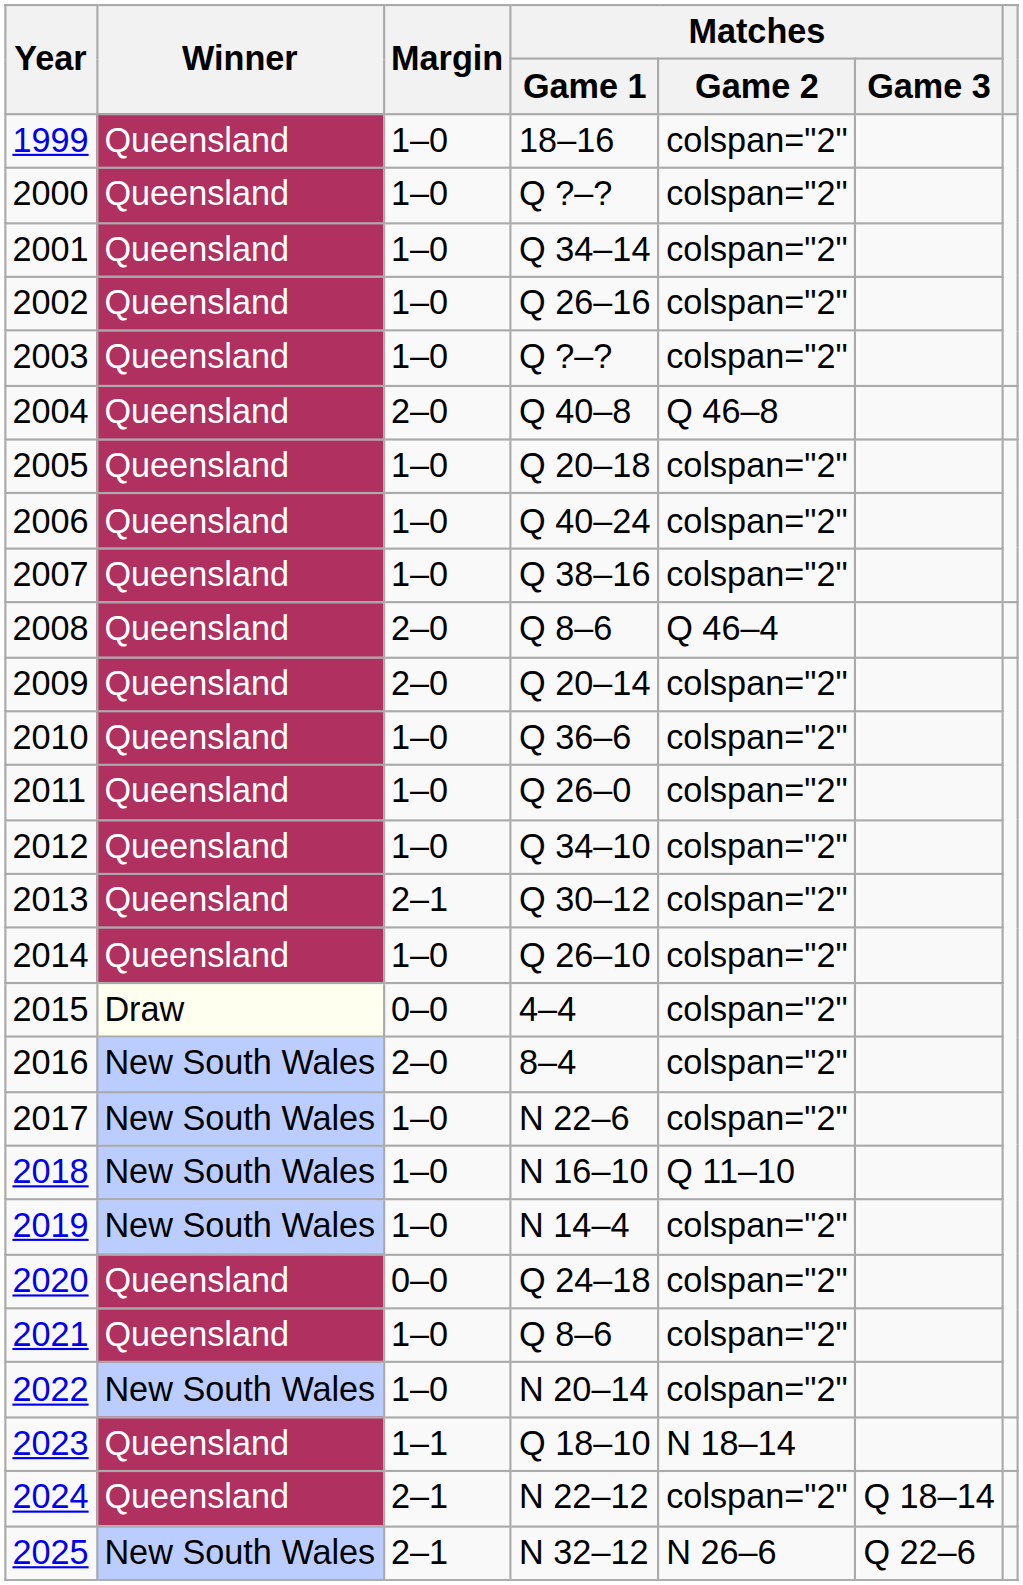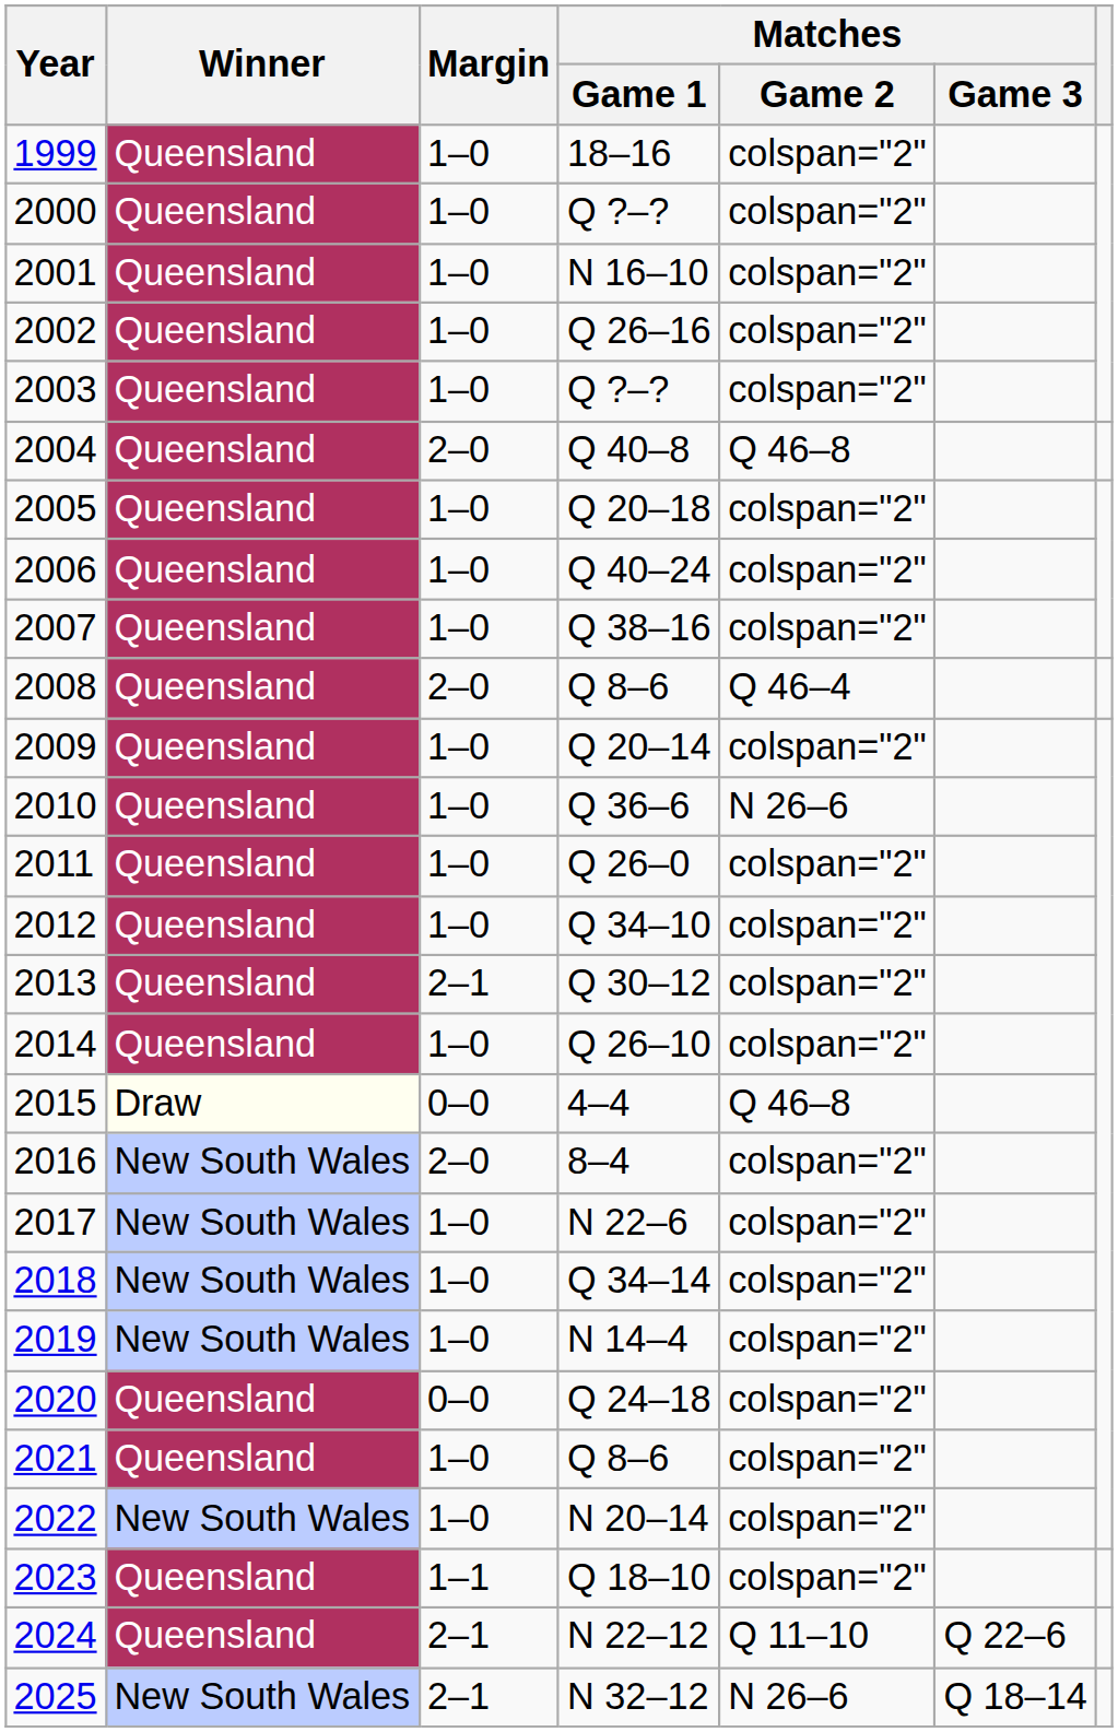 <table class="wikitable defaultleft col1center col2center col3center" style="margin: 1em auto; align:center">
 <tr>
 <th rowspan="2">Year</th>
 <th rowspan="2">Winner</th>
 <th rowspan="2">Margin</th>
 <th colspan="3">Matches</th>
 <th rowspan="2"></th>
 </tr>
 <tr>
 <th>Game 1</th>
 <th>Game 2</th>
 <th>Game 3</th>
 </tr>
 <tr>
 <td><a href='#'>1999</a></td>
 <td style="background:#b03060; color:white">Queensland</td>
 <td>1–0</td>
 <td> 18–16</td>
 <td>colspan="2" </td>
 <td></td>
 </tr>
 <tr>
 <td>2000</td>
 <td style="background:#b03060; color:white">Queensland</td>
 <td>1–0</td>
 <td>Q ?–?</td>
 <td>colspan="2" </td>
 <td></td>
 </tr>
 <tr>
 <td>2001</td>
 <td style="background:#b03060; color:white">Queensland</td>
 <td>1–0</td>
-<td>Q 34–14</td>
+<td>N 16–10</td>
 <td>colspan="2" </td>
 <td></td>
 </tr>
 <tr>
 <td>2002</td>
 <td style="background:#b03060; color:white">Queensland</td>
 <td>1–0</td>
 <td>Q 26–16</td>
 <td>colspan="2" </td>
 <td></td>
 </tr>
 <tr>
 <td>2003</td>
 <td style="background:#b03060; color:white">Queensland</td>
 <td>1–0</td>
 <td>Q ?–?</td>
 <td>colspan="2" </td>
 <td></td>
 </tr>
 <tr>
 <td>2004</td>
 <td style="background:#b03060; color:white">Queensland</td>
 <td>2–0</td>
 <td>Q 40–8</td>
 <td>Q 46–8</td>
 <td></td>
 <td></td>
 </tr>
 <tr>
 <td>2005</td>
 <td style="background:#b03060; color:white">Queensland</td>
 <td>1–0</td>
 <td>Q 20–18</td>
 <td>colspan="2" </td>
 <td></td>
 </tr>
 <tr>
 <td>2006</td>
 <td style="background:#b03060; color:white">Queensland</td>
 <td>1–0</td>
 <td>Q 40–24</td>
 <td>colspan="2" </td>
 <td></td>
 </tr>
 <tr>
 <td>2007</td>
 <td style="background:#b03060; color:white">Queensland</td>
 <td>1–0</td>
 <td>Q 38–16</td>
 <td>colspan="2" </td>
 <td></td>
 </tr>
 <tr>
 <td>2008</td>
 <td style="background:#b03060; color:white">Queensland</td>
 <td>2–0</td>
 <td>Q 8–6</td>
 <td>Q 46–4</td>
 <td></td>
 <td></td>
 </tr>
 <tr>
 <td>2009</td>
 <td style="background:#b03060; color:white">Queensland</td>
-<td>2–0</td>
+<td>1–0</td>
 <td>Q 20–14</td>
 <td>colspan="2" </td>
 <td></td>
 </tr>
 <tr>
 <td>2010</td>
 <td style="background:#b03060; color:white">Queensland</td>
 <td>1–0</td>
 <td>Q 36–6</td>
-<td>colspan="2" </td>
+<td>N 26–6</td>
 <td></td>
 </tr>
 <tr>
 <td>2011</td>
 <td style="background:#b03060; color:white">Queensland</td>
 <td>1–0</td>
 <td>Q 26–0</td>
 <td>colspan="2" </td>
 <td></td>
 </tr>
 <tr>
 <td>2012</td>
 <td style="background:#b03060; color:white">Queensland</td>
 <td>1–0</td>
 <td>Q 34–10</td>
 <td>colspan="2" </td>
 <td></td>
 </tr>
 <tr>
 <td>2013</td>
 <td style="background:#b03060; color:white">Queensland</td>
 <td>2–1</td>
 <td>Q 30–12</td>
 <td>colspan="2" </td>
 <td></td>
 </tr>
 <tr>
 <td>2014</td>
 <td style="background:#b03060; color:white">Queensland</td>
 <td>1–0</td>
 <td>Q 26–10</td>
 <td>colspan="2" </td>
 <td></td>
 </tr>
 <tr>
 <td>2015</td>
 <td style="background:#FFFFF0">Draw</td>
 <td>0–0</td>
 <td> 4–4</td>
-<td>colspan="2" </td>
+<td>Q 46–8</td>
 <td></td>
 </tr>
 <tr>
 <td>2016</td>
 <td style="background:#bcf;">New South Wales</td>
 <td>2–0</td>
 <td> 8–4</td>
 <td>colspan="2" </td>
 <td></td>
 </tr>
 <tr>
 <td>2017</td>
 <td style="background:#bcf;">New South Wales</td>
 <td>1–0</td>
 <td>N 22–6</td>
 <td>colspan="2" </td>
 <td></td>
 </tr>
 <tr>
 <td><a href='#'>2018</a></td>
 <td style="background:#bcf;">New South Wales</td>
 <td>1–0</td>
-<td>N 16–10</td>
-<td>Q 11–10</td>
+<td>Q 34–14</td>
+<td>colspan="2" </td>
 <td></td>
 </tr>
 <tr>
 <td><a href='#'>2019</a></td>
 <td style="background:#bcf;">New South Wales</td>
 <td>1–0</td>
 <td>N 14–4</td>
 <td>colspan="2" </td>
 <td></td>
 </tr>
 <tr>
 <td><a href='#'>2020</a></td>
 <td style="background:#b03060; color:white">Queensland</td>
 <td>0–0</td>
 <td>Q 24–18</td>
 <td>colspan="2" </td>
 <td></td>
 </tr>
 <tr>
 <td><a href='#'>2021</a></td>
 <td style="background:#b03060; color:white">Queensland</td>
 <td>1–0</td>
 <td>Q 8–6</td>
 <td>colspan="2" </td>
 <td></td>
 </tr>
 <tr>
 <td><a href='#'>2022</a></td>
 <td style="background:#bcf;">New South Wales</td>
 <td>1–0</td>
 <td>N 20–14</td>
 <td>colspan="2" </td>
 <td></td>
 </tr>
 <tr>
 <td><a href='#'>2023</a></td>
 <td style="background:#b03060; color:white">Queensland</td>
 <td>1–1</td>
 <td>Q 18–10</td>
-<td>N 18–14</td>
+<td>colspan="2" </td>
 <td></td>
 <td></td>
 </tr>
 <tr>
 <td><a href='#'>2024</a></td>
 <td style="background:#b03060; color:white">Queensland</td>
 <td>2–1</td>
 <td>N 22–12</td>
-<td>colspan="2" </td>
-<td>Q 18–14</td>
+<td>Q 11–10</td>
+<td>Q 22–6</td>
 <td></td>
 </tr>
 <tr>
 <td><a href='#'>2025</a></td>
 <td style="background:#bcf;">New South Wales</td>
 <td>2–1</td>
 <td>N 32–12</td>
 <td>N 26–6</td>
-<td>Q 22–6</td>
+<td>Q 18–14</td>
 <td></td>
 </tr>
 </table>
